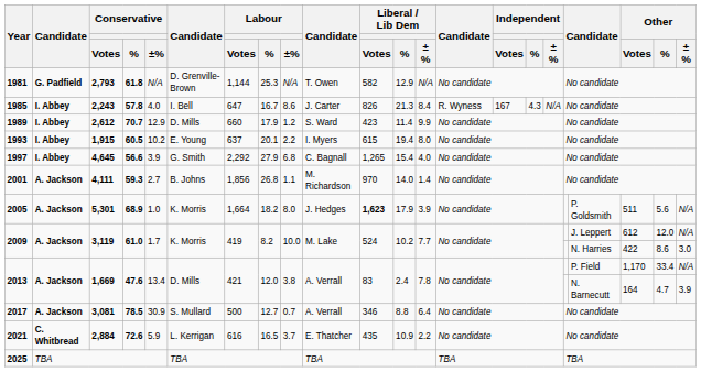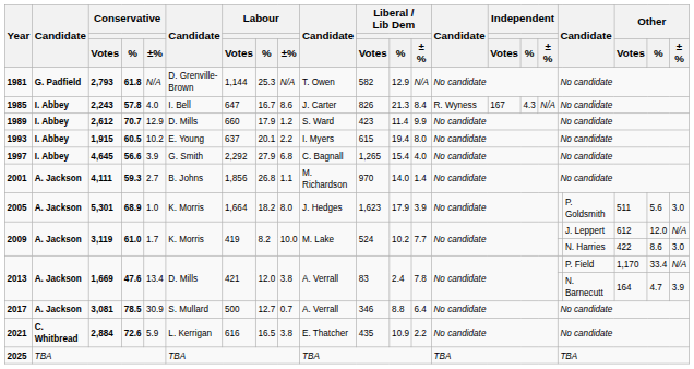 <table class="wikitable">
 <tr>
 <th rowspan="3">Year</th>
 <th rowspan="3">Candidate</th>
 <th colspan="3">Conservative</th>
 <th rowspan="3">Candidate</th>
 <th colspan="3">Labour</th>
 <th rowspan="3">Candidate</th>
 <th colspan="3">Liberal /<br>Lib Dem</th>
 <th rowspan="3">Candidate</th>
 <th colspan="3">Independent</th>
 <th colspan="2" rowspan="3">Candidate</th>
 <th colspan="3" rowspan="2">Other</th>
 </tr>
 <tr>
 <th colspan="3" style="background:"></th>
 <th colspan="3" style="background:"></th>
 <th colspan="3" style="background:"></th>
 <th colspan="3" style="background:"></th>
 </tr>
 <tr>
 <th>Votes</th>
 <th>%</th>
 <th><strong>±%</strong></th>
 <th>Votes</th>
 <th>%</th>
 <th><strong>±%</strong></th>
 <th>Votes</th>
 <th>%</th>
 <th><strong>±%</strong></th>
 <th>Votes</th>
 <th>%</th>
 <th><strong>±%</strong></th>
 <th>Votes</th>
 <th>%</th>
 <th><strong>±%</strong></th>
 </tr>
 <tr>
 <td><small><strong>1981</strong></small></td>
 <td><small><strong>G. Padfield</strong></small></td>
 <td><small><strong>2,793</strong></small></td>
 <td><small><strong>61.8</strong></small></td>
 <td><em><small>N/A</small></em></td>
 <td><small>D. Grenville-Brown</small></td>
 <td><small>1,144</small></td>
 <td><small>25.3</small></td>
 <td><em><small>N/A</small></em></td>
 <td><small>T. Owen</small></td>
 <td><small>582</small></td>
 <td><small>12.9</small></td>
 <td><em><small>N/A</small></em></td>
 <td colspan="4"><em><small>No candidate</small></em></td>
 <td colspan="5"><em><small>No candidate</small></em></td>
 </tr>
 <tr>
 <td><small><strong>1985</strong></small></td>
 <td><small><strong>I. Abbey</strong></small></td>
 <td><small><strong>2,243</strong></small></td>
 <td><small><strong>57.8</strong></small></td>
 <td><small>4.0</small></td>
 <td><small>I. Bell</small></td>
 <td><small>647</small></td>
 <td><small>16.7</small></td>
 <td><small>8.6</small></td>
 <td><small>J. Carter</small></td>
 <td><small>826</small></td>
 <td><small>21.3</small></td>
 <td><small>8.4</small></td>
 <td><small>R. Wyness</small></td>
 <td><small>167</small></td>
 <td><small>4.3</small></td>
 <td><em><small>N/A</small></em></td>
 <td colspan="5"><em><small>No candidate</small></em></td>
 </tr>
 <tr>
 <td><small><strong>1989</strong></small></td>
 <td><small><strong>I. Abbey</strong></small></td>
 <td><small><strong>2,612</strong></small></td>
 <td><small><strong>70.7</strong></small></td>
 <td><small>12.9</small></td>
 <td><small>D. Mills</small></td>
 <td><small>660</small></td>
 <td><small>17.9</small></td>
 <td><small>1.2</small></td>
 <td><small>S. Ward</small></td>
 <td><small>423</small></td>
 <td><small>11.4</small></td>
 <td><small>9.9</small></td>
 <td colspan="4"><em><small>No candidate</small></em></td>
 <td colspan="5"><em><small>No candidate</small></em></td>
 </tr>
 <tr>
 <td><small><strong>1993</strong></small></td>
 <td><small><strong>I. Abbey</strong></small></td>
 <td><small><strong>1,915</strong></small></td>
 <td><small><strong>60.5</strong></small></td>
 <td><small>10.2</small></td>
 <td><small>E. Young</small></td>
 <td><small>637</small></td>
 <td><small>20.1</small></td>
 <td><small>2.2</small></td>
 <td><small>I. Myers</small></td>
 <td><small>615</small></td>
 <td><small>19.4</small></td>
 <td><small>8.0</small></td>
 <td colspan="4"><em><small>No candidate</small></em></td>
 <td colspan="5"><em><small>No candidate</small></em></td>
 </tr>
 <tr>
 <td><small><strong>1997</strong></small></td>
 <td><small><strong>I. Abbey</strong></small></td>
 <td><small><strong>4,645</strong></small></td>
 <td><small><strong>56.6</strong></small></td>
 <td><small>3.9</small></td>
 <td><small>G. Smith</small></td>
 <td><small>2,292</small></td>
 <td><small>27.9</small></td>
 <td><small>6.8</small></td>
 <td><small>C. Bagnall</small></td>
 <td><small>1,265</small></td>
 <td><small>15.4</small></td>
 <td><small>4.0</small></td>
 <td colspan="4"><em><small>No candidate</small></em></td>
 <td colspan="5"><em><small>No candidate</small></em></td>
 </tr>
 <tr>
 <td><small><strong>2001</strong></small></td>
 <td><small><strong>A. Jackson</strong></small></td>
 <td><small><strong>4,111</strong></small></td>
 <td><small><strong>59.3</strong></small></td>
 <td><small>2.7</small></td>
 <td><small>B. Johns</small></td>
 <td><small>1,856</small></td>
 <td><small>26.8</small></td>
 <td><small>1.1</small></td>
 <td><small>M. Richardson</small></td>
 <td><small>970</small></td>
 <td><small>14.0</small></td>
 <td><small>1.4</small></td>
 <td colspan="4"><em><small>No candidate</small></em></td>
 <td colspan="5"><em><small>No candidate</small></em></td>
 </tr>
 <tr>
 <td><small><strong>2005</strong></small></td>
 <td><small><strong>A. Jackson</strong></small></td>
 <td><small><strong>5,301</strong></small></td>
 <td><small><strong>68.9</strong></small></td>
 <td><small>1.0</small></td>
 <td><small>K. Morris</small></td>
 <td><small>1,664</small></td>
 <td><small>18.2</small></td>
 <td><small>8.0</small></td>
 <td><small>J. Hedges</small></td>
-<td><strong><small>1,623</small></strong></td>
+<td><small>1,623</small></td>
 <td><small>17.9</small></td>
 <td><small>3.9</small></td>
 <td colspan="4"><em><small>No candidate</small></em></td>
 <td style="background:"></td>
 <td><small>P. Goldsmith</small></td>
 <td><small>511</small></td>
 <td><small>5.6</small></td>
-<td><em><small>N/A</small></em></td>
+<td><small>3.0</small></td>
 </tr>
 <tr>
 <td rowspan="2"><small><strong>2009</strong></small></td>
 <td rowspan="2"><small><strong>A. Jackson</strong></small></td>
 <td rowspan="2"><small><strong>3,119</strong></small></td>
 <td rowspan="2"><small><strong>61.0</strong></small></td>
 <td rowspan="2"><small>1.7</small></td>
 <td rowspan="2"><small>K. Morris</small></td>
 <td rowspan="2"><small>419</small></td>
 <td rowspan="2"><small>8.2</small></td>
 <td rowspan="2"><small>10.0</small></td>
 <td rowspan="2"><small>M. Lake</small></td>
 <td rowspan="2"><small>524</small></td>
 <td rowspan="2"><small>10.2</small></td>
 <td rowspan="2"><small>7.7</small></td>
 <td colspan="4" rowspan="2"><em><small>No candidate</small></em></td>
 <td style="background:"></td>
 <td><small>J. Leppert</small></td>
 <td><small>612</small></td>
 <td><small>12.0</small></td>
 <td><em><small>N/A</small></em></td>
 </tr>
 <tr>
 <td style="background:"></td>
 <td><small>N. Harries</small></td>
 <td><small>422</small></td>
 <td><small>8.6</small></td>
 <td><small>3.0</small></td>
 </tr>
 <tr>
 <td rowspan="2"><small><strong>2013</strong></small></td>
 <td rowspan="2"><small><strong>A. Jackson</strong></small></td>
 <td rowspan="2"><small><strong>1,669</strong></small></td>
 <td rowspan="2"><small><strong>47.6</strong></small></td>
 <td rowspan="2"><small>13.4</small></td>
 <td rowspan="2"><small>D. Mills</small></td>
 <td rowspan="2"><small>421</small></td>
 <td rowspan="2"><small>12.0</small></td>
 <td rowspan="2"><small>3.8</small></td>
 <td rowspan="2"><small>A. Verrall</small></td>
 <td rowspan="2"><small>83</small></td>
 <td rowspan="2"><small>2.4</small></td>
 <td rowspan="2"><small>7.8</small></td>
 <td colspan="4" rowspan="2"><em><small>No candidate</small></em></td>
 <td style="background:"></td>
 <td><small>P. Field</small></td>
 <td><small>1,170</small></td>
 <td><small>33.4</small></td>
 <td><em><small>N/A</small></em></td>
 </tr>
 <tr>
 <td style="background:"></td>
 <td><small>N. Barnecutt</small></td>
 <td><small>164</small></td>
 <td><small>4.7</small></td>
 <td><small>3.9</small></td>
 </tr>
 <tr>
 <td><small><strong>2017</strong></small></td>
 <td><small><strong>A. Jackson</strong></small></td>
 <td><small><strong>3,081</strong></small></td>
 <td><small><strong>78.5</strong></small></td>
 <td><small>30.9</small></td>
 <td><small>S. Mullard</small></td>
 <td><small>500</small></td>
 <td><small>12.7</small></td>
 <td><small>0.7</small></td>
 <td><small>A. Verrall</small></td>
 <td><small>346</small></td>
 <td><small>8.8</small></td>
 <td><small>6.4</small></td>
 <td colspan="4"><em><small>No candidate</small></em></td>
 <td colspan="5"><em><small>No candidate</small></em></td>
 </tr>
 <tr>
 <td><small><strong>2021</strong></small></td>
 <td><small><strong>C. Whitbread</strong></small></td>
 <td><small><strong>2,884</strong></small></td>
 <td><small><strong>72.6</strong></small></td>
 <td><small>5.9</small></td>
 <td><small>L. Kerrigan</small></td>
 <td><small>616</small></td>
 <td><small>16.5</small></td>
-<td><small>3.7</small></td>
+<td><small>3.8</small></td>
 <td><small>E. Thatcher</small></td>
 <td><small>435</small></td>
 <td><small>10.9</small></td>
 <td><small>2.2</small></td>
 <td colspan="4"><em><small>No candidate</small></em></td>
 <td colspan="5"><em><small>No candidate</small></em></td>
 </tr>
 <tr>
 <td><small><strong>2025</strong></small></td>
 <td colspan="4"><small><em>TBA</em></small></td>
 <td colspan="4"><small><em>TBA</em></small></td>
 <td colspan="4"><small><em>TBA</em></small></td>
 <td colspan="4"><small><em>TBA</em></small></td>
 <td colspan="5"><small><em>TBA</em></small></td>
 </tr>
 </table>
